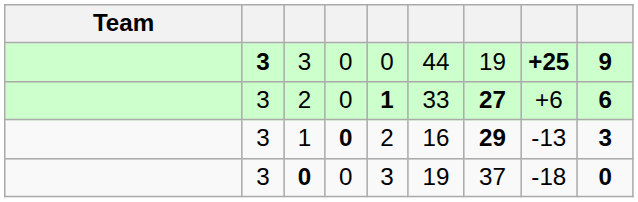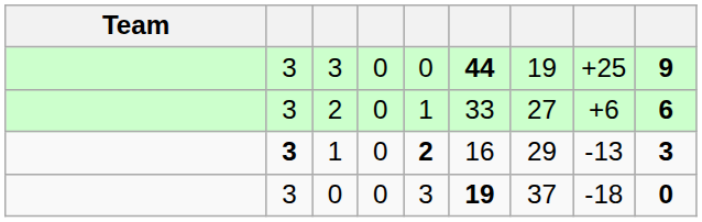 <table class="wikitable" style="text-align:center;">
 <tr>
 <th width=150>Team</th>
 <th width=20></th>
 <th width=20></th>
 <th width=20></th>
 <th width=20></th>
 <th width=30></th>
 <th width=30></th>
 <th width=30></th>
 <th width=30></th>
 </tr>
 <tr bgcolor=#ccffcc>
 <td align="left"></td>
-<td><strong>3</strong></td>
+<td>3</td>
 <td>3</td>
 <td>0</td>
 <td>0</td>
-<td>44</td>
+<td><strong>44</strong></td>
 <td>19</td>
-<td><strong>+25</strong></td>
+<td>+25</td>
 <td><strong>9</strong></td>
 </tr>
 <tr bgcolor=#ccffcc>
 <td align="left"></td>
 <td>3</td>
 <td>2</td>
 <td>0</td>
-<td><strong>1</strong></td>
+<td>1</td>
 <td>33</td>
-<td><strong>27</strong></td>
+<td>27</td>
 <td>+6</td>
 <td><strong>6</strong></td>
 </tr>
 <tr bgcolor=>
 <td align="left"></td>
-<td>3</td>
+<td><strong>3</strong></td>
 <td>1</td>
-<td><strong>0</strong></td>
-<td>2</td>
+<td>0</td>
+<td><strong>2</strong></td>
 <td>16</td>
-<td><strong>29</strong></td>
+<td>29</td>
 <td>-13</td>
 <td><strong>3</strong></td>
 </tr>
 <tr bgcolor=>
 <td align="left"></td>
 <td>3</td>
-<td><strong>0</strong></td>
+<td>0</td>
 <td>0</td>
 <td>3</td>
-<td>19</td>
+<td><strong>19</strong></td>
 <td>37</td>
 <td>-18</td>
 <td><strong>0</strong></td>
 </tr>
 </table>
